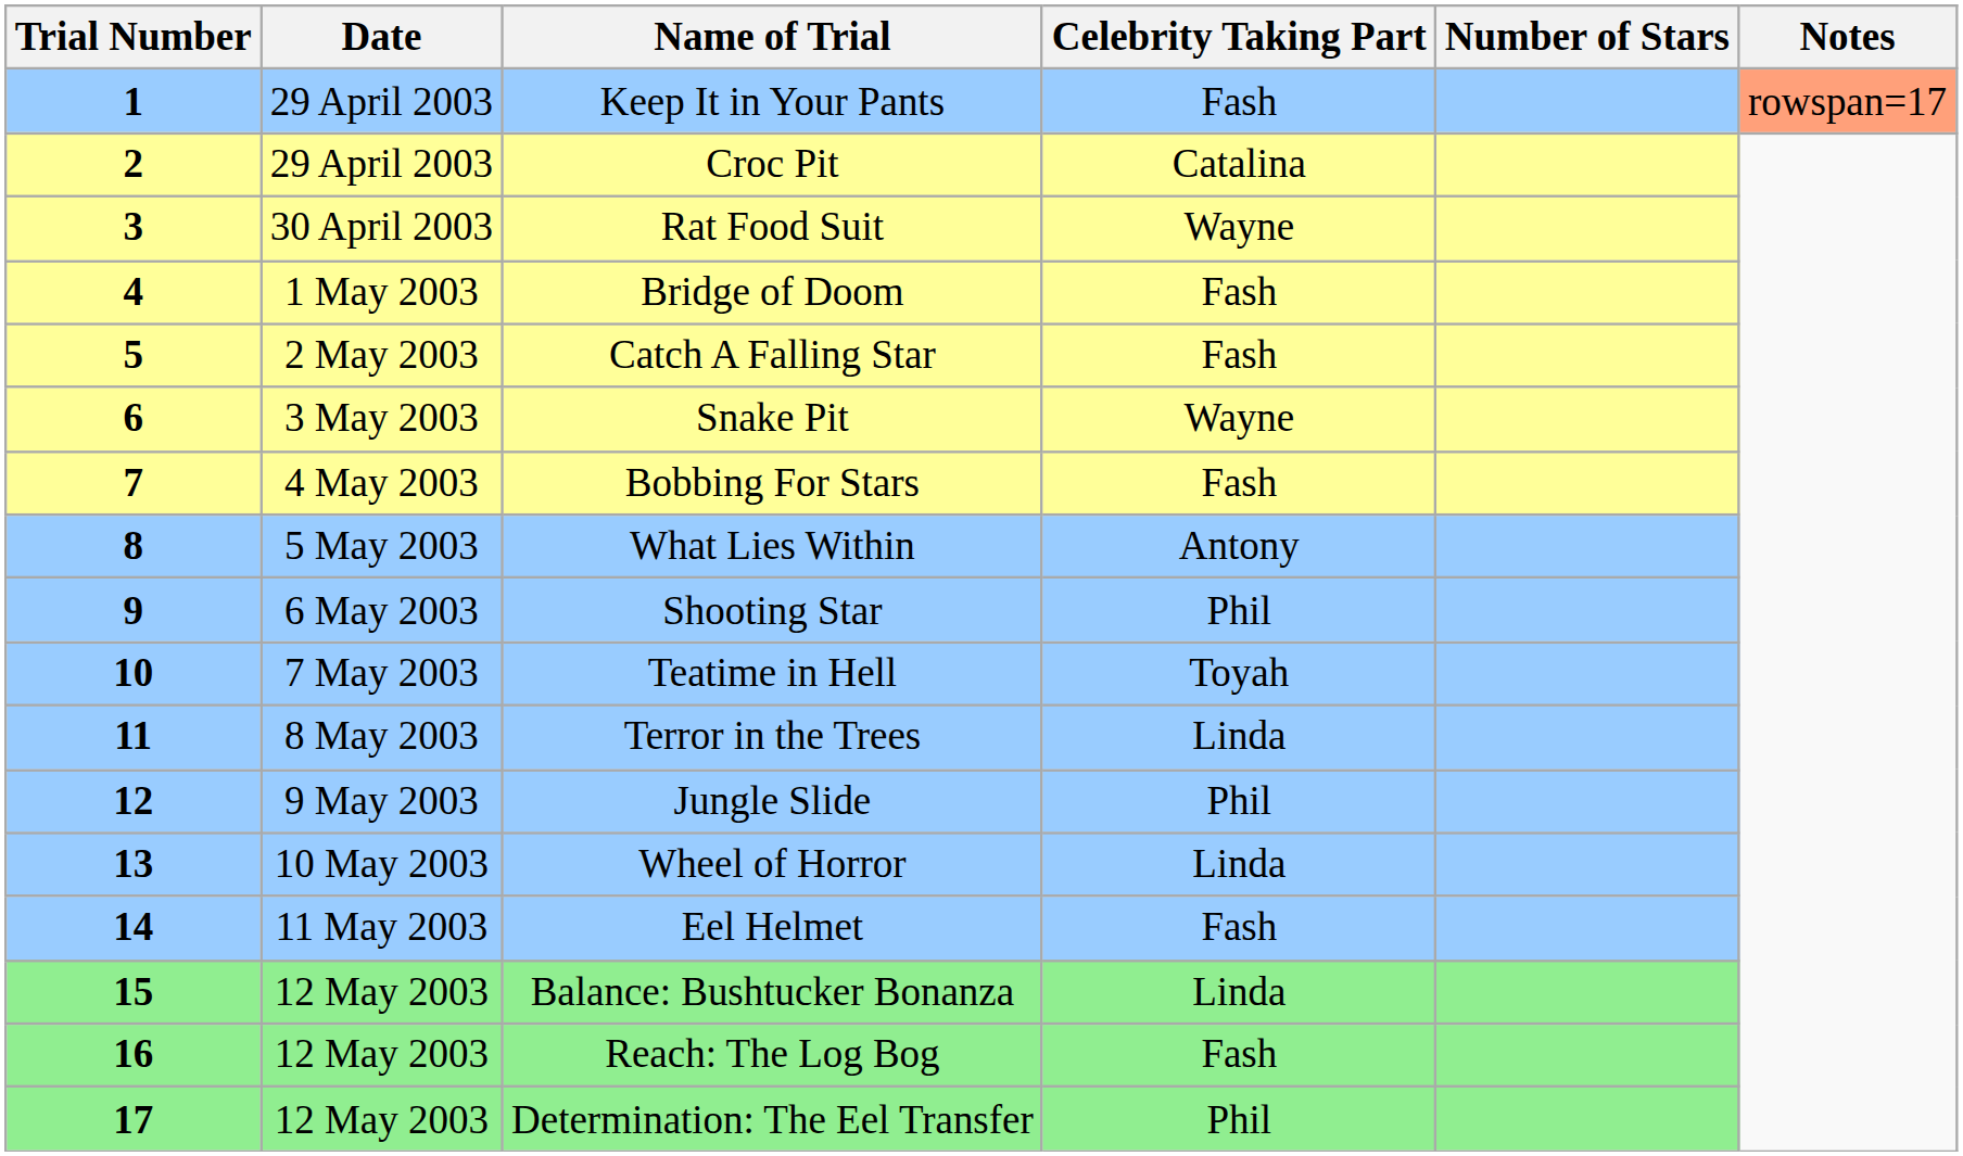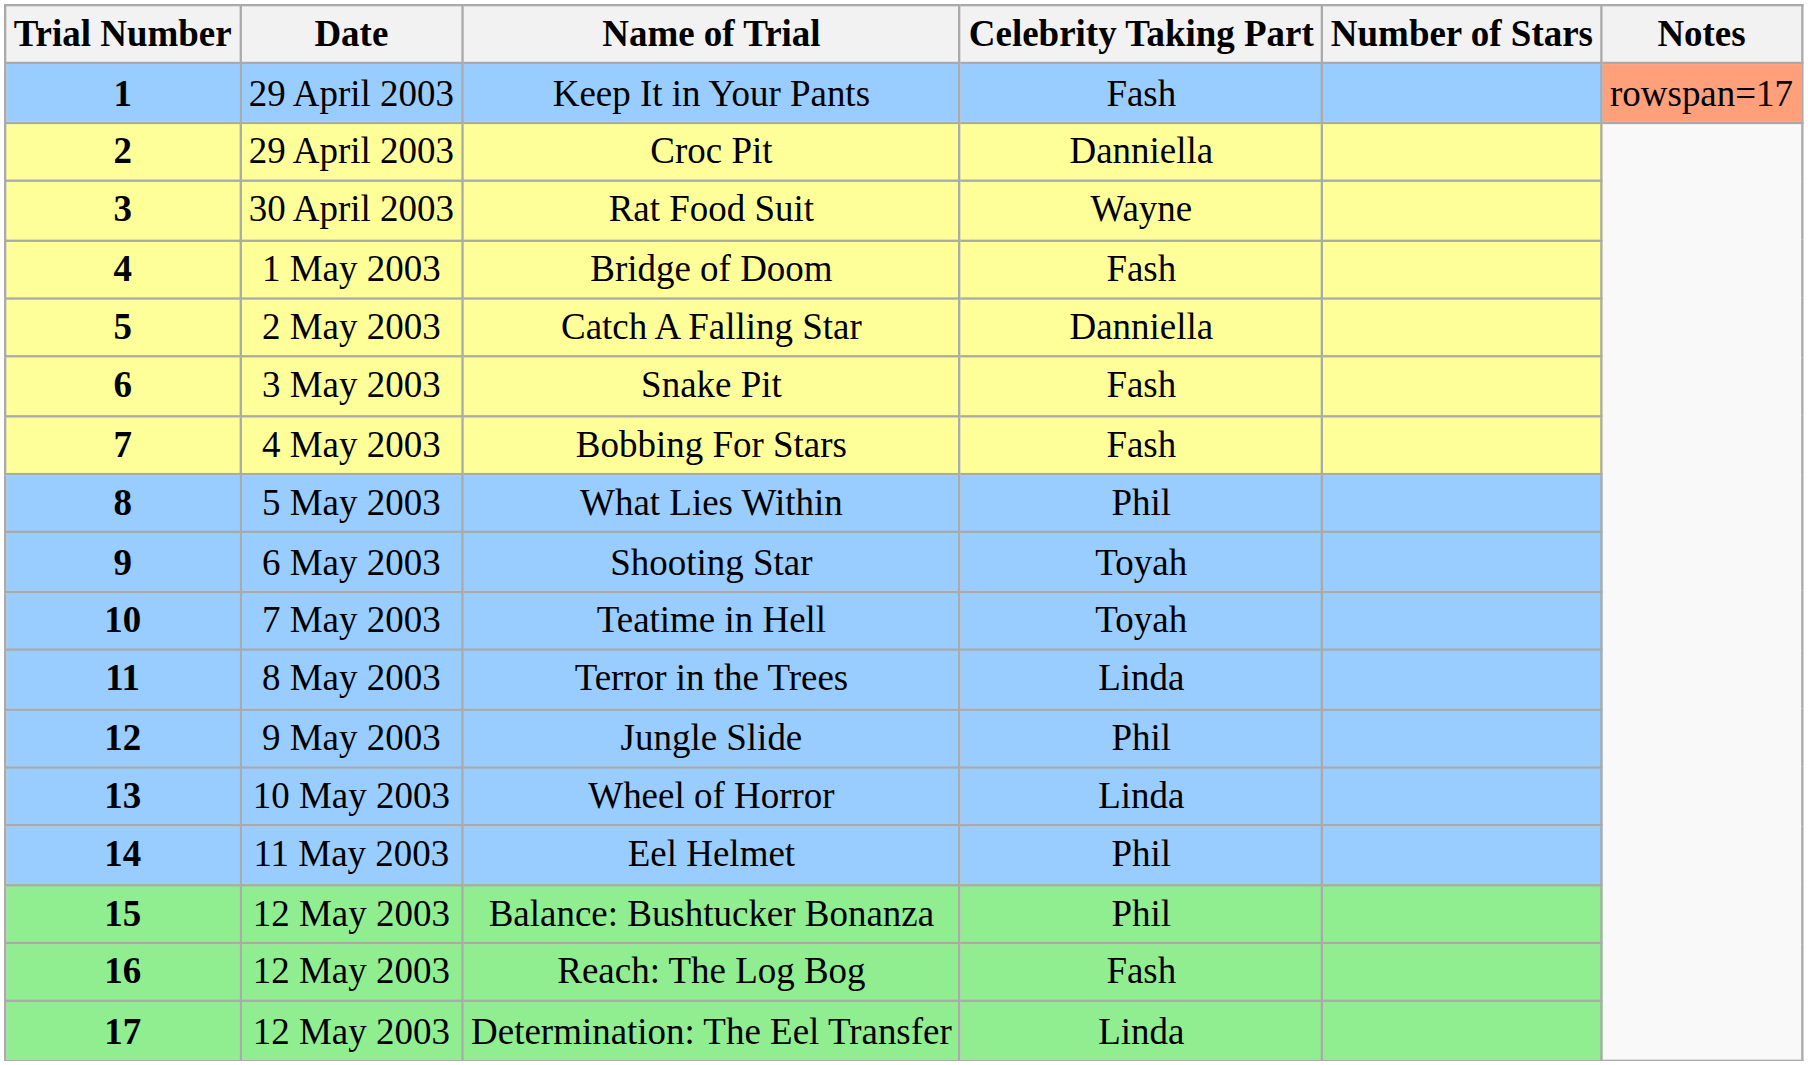 <table class=wikitable style="text-align:center">
 <tr>
 <th>Trial Number</th>
 <th>Date</th>
 <th>Name of Trial</th>
 <th>Celebrity Taking Part</th>
 <th>Number of Stars</th>
 <th>Notes</th>
 </tr>
 <tr>
 <td style="background:#99CCFF;" align="center"><strong>1</strong></td>
 <td style="background:#99CCFF;">29 April 2003</td>
 <td style="background:#99CCFF;">Keep It in Your Pants</td>
 <td style="background:#99CCFF;">Fash</td>
 <td style="background:#99CCFF;"></td>
 <td style="background: lightsalmon;">rowspan=17 </td>
 </tr>
 <tr>
 <td style="background:#FFFF99;" align="center"><strong>2</strong></td>
 <td style="background:#FFFF99;">29 April 2003</td>
 <td style="background:#FFFF99;">Croc Pit</td>
-<td style="background:#FFFF99;">Catalina</td>
+<td style="background:#FFFF99;">Danniella</td>
 <td style="background:#FFFF99;"></td>
 </tr>
 <tr>
 <td style="background:#FFFF99;" align="center"><strong>3</strong></td>
 <td style="background:#FFFF99;">30 April 2003</td>
 <td style="background:#FFFF99;">Rat Food Suit</td>
 <td style="background:#FFFF99;">Wayne</td>
 <td style="background:#FFFF99;"></td>
 </tr>
 <tr>
 <td style="background:#FFFF99;" align="center"><strong>4</strong></td>
 <td style="background:#FFFF99;">1 May 2003</td>
 <td style="background:#FFFF99;">Bridge of Doom</td>
 <td style="background:#FFFF99;">Fash</td>
 <td style="background:#FFFF99;"></td>
 </tr>
 <tr>
 <td style="background:#FFFF99;" align="center"><strong>5</strong></td>
 <td style="background:#FFFF99;">2 May 2003</td>
 <td style="background:#FFFF99;">Catch A Falling Star</td>
-<td style="background:#FFFF99;">Fash</td>
+<td style="background:#FFFF99;">Danniella</td>
 <td style="background:#FFFF99;"></td>
 </tr>
 <tr>
 <td style="background:#FFFF99;" align="center"><strong>6</strong></td>
 <td style="background:#FFFF99;">3 May 2003</td>
 <td style="background:#FFFF99;">Snake Pit</td>
-<td style="background:#FFFF99;">Wayne</td>
+<td style="background:#FFFF99;">Fash</td>
 <td style="background:#FFFF99;"></td>
 </tr>
 <tr>
 <td style="background:#FFFF99;" align="center"><strong>7</strong></td>
 <td style="background:#FFFF99;">4 May 2003</td>
 <td style="background:#FFFF99;">Bobbing For Stars</td>
 <td style="background:#FFFF99;">Fash</td>
 <td style="background:#FFFF99;"></td>
 </tr>
 <tr>
 <td style="background:#99CCFF;" align="center"><strong>8</strong></td>
 <td style="background:#99CCFF;">5 May 2003</td>
 <td style="background:#99CCFF;">What Lies Within</td>
-<td style="background:#99CCFF;">Antony</td>
+<td style="background:#99CCFF;">Phil</td>
 <td style="background:#99CCFF;"></td>
 </tr>
 <tr>
 <td style="background:#99CCFF;" align="center"><strong>9</strong></td>
 <td style="background:#99CCFF;">6 May 2003</td>
 <td style="background:#99CCFF;">Shooting Star</td>
-<td style="background:#99CCFF;">Phil</td>
+<td style="background:#99CCFF;">Toyah</td>
 <td style="background:#99CCFF;"></td>
 </tr>
 <tr>
 <td style="background:#99CCFF;" align="center"><strong>10</strong></td>
 <td style="background:#99CCFF;">7 May 2003</td>
 <td style="background:#99CCFF;">Teatime in Hell</td>
 <td style="background:#99CCFF;">Toyah</td>
 <td style="background:#99CCFF;"></td>
 </tr>
 <tr>
 <td style="background:#99CCFF;" align="center"><strong>11</strong></td>
 <td style="background:#99CCFF;">8 May 2003</td>
 <td style="background:#99CCFF;">Terror in the Trees</td>
 <td style="background:#99CCFF;">Linda</td>
 <td style="background:#99CCFF;"></td>
 </tr>
 <tr>
 <td style="background:#99CCFF;" align="center"><strong>12</strong></td>
 <td style="background:#99CCFF;">9 May 2003</td>
 <td style="background:#99CCFF;">Jungle Slide</td>
 <td style="background:#99CCFF;">Phil</td>
 <td style="background:#99CCFF;"></td>
 </tr>
 <tr>
 <td style="background:#99CCFF;" align="center"><strong>13</strong></td>
 <td style="background:#99CCFF;">10 May 2003</td>
 <td style="background:#99CCFF;">Wheel of Horror</td>
 <td style="background:#99CCFF;">Linda</td>
 <td style="background:#99CCFF;"></td>
 </tr>
 <tr>
 <td style="background:#99CCFF;" align="center"><strong>14</strong></td>
 <td style="background:#99CCFF;">11 May 2003</td>
 <td style="background:#99CCFF;">Eel Helmet</td>
-<td style="background:#99CCFF;">Fash</td>
+<td style="background:#99CCFF;">Phil</td>
 <td style="background:#99CCFF;"></td>
 </tr>
 <tr>
 <td style="background:lightgreen;" align="center"><strong>15</strong></td>
 <td style="background:lightgreen;">12 May 2003</td>
 <td style="background:lightgreen;">Balance: Bushtucker Bonanza</td>
-<td style="background:lightgreen;">Linda</td>
+<td style="background:lightgreen;">Phil</td>
 <td style="background:lightgreen;"></td>
 </tr>
 <tr>
 <td style="background:lightgreen;" align="center"><strong>16</strong></td>
 <td style="background:lightgreen;">12 May 2003</td>
 <td style="background:lightgreen;">Reach: The Log Bog</td>
 <td style="background:lightgreen;">Fash</td>
 <td style="background:lightgreen;"></td>
 </tr>
 <tr>
 <td style="background:lightgreen;" align="center"><strong>17</strong></td>
 <td style="background:lightgreen;">12 May 2003</td>
 <td style="background:lightgreen;">Determination: The Eel Transfer</td>
-<td style="background:lightgreen;">Phil</td>
+<td style="background:lightgreen;">Linda</td>
 <td style="background:lightgreen;"></td>
 </tr>
 </table>
